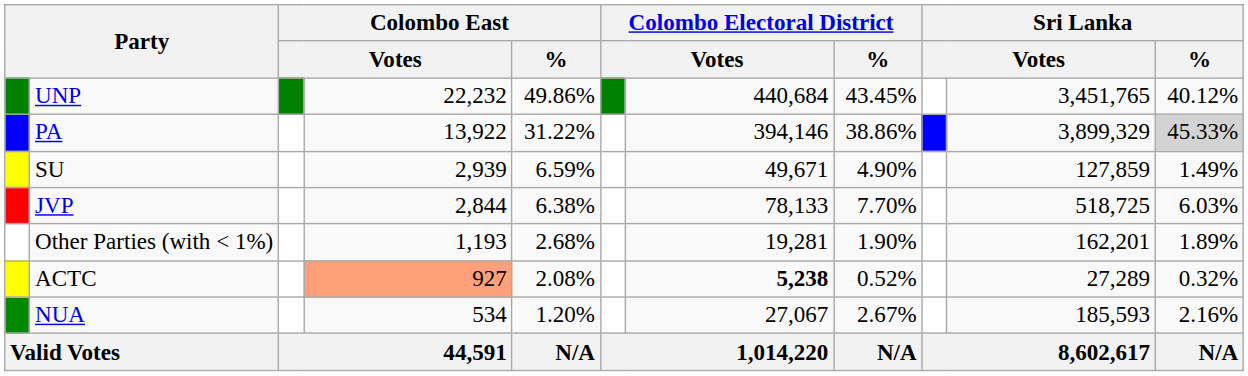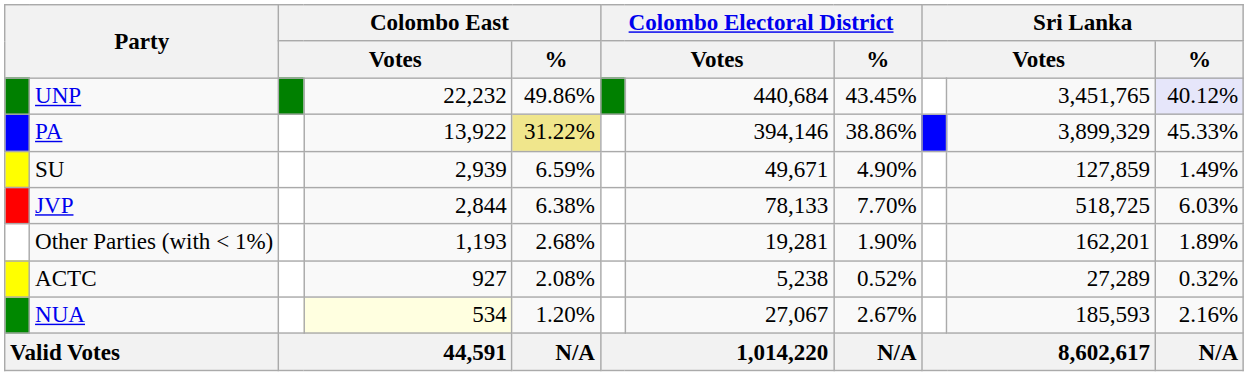 <table class="wikitable">
 <tr>
 <th colspan="2" width="144px"rowspan="2">Party</th>
 <th colspan="3" width="216px">Colombo East</th>
 <th colspan="3" width="216px"><a href='#'>Colombo Electoral District</a></th>
 <th colspan="3" width="216px">Sri Lanka</th>
 </tr>
 <tr>
 <th colspan="2" width="144px">Votes</th>
 <th>%</th>
 <th colspan="2" width="144px">Votes</th>
 <th>%</th>
 <th colspan="2" width="144px">Votes</th>
 <th>%</th>
 </tr>
 <tr>
 <td style="background-color:green;" width="10px"></td>
 <td style="text-align:left;"><a href='#'>UNP</a></td>
 <td style="background-color:green;" width="10px"></td>
 <td style="text-align:right;">22,232</td>
 <td style="text-align:right;">49.86%</td>
 <td style="background-color:green;" width="10px"></td>
 <td style="text-align:right;">440,684</td>
 <td style="text-align:right;">43.45%</td>
 <td style="background-color:white;" width="10px"></td>
 <td style="text-align:right;">3,451,765</td>
-<td style="text-align:right;">40.12%</td>
+<td style="background: lavender; text-align:right;">40.12%</td>
 </tr>
 <tr>
 <td style="background-color:blue;" width="10px"></td>
 <td style="text-align:left;"><a href='#'>PA</a></td>
 <td style="background-color:white;" width="10px"></td>
 <td style="text-align:right;">13,922</td>
-<td style="text-align:right;">31.22%</td>
+<td style="background: khaki; text-align:right;">31.22%</td>
 <td style="background-color:white;" width="10px"></td>
 <td style="text-align:right;">394,146</td>
 <td style="text-align:right;">38.86%</td>
 <td style="background-color:blue;" width="10px"></td>
 <td style="text-align:right;">3,899,329</td>
-<td style="background: lightgrey; text-align:right;">45.33%</td>
+<td style="text-align:right;">45.33%</td>
 </tr>
 <tr>
 <td style="background-color:yellow;" width="10px"></td>
 <td style="text-align:left;">SU</td>
 <td style="background-color:white;" width="10px"></td>
 <td style="text-align:right;">2,939</td>
 <td style="text-align:right;">6.59%</td>
 <td style="background-color:white;" width="10px"></td>
 <td style="text-align:right;">49,671</td>
 <td style="text-align:right;">4.90%</td>
 <td style="background-color:white;" width="10px"></td>
 <td style="text-align:right;">127,859</td>
 <td style="text-align:right;">1.49%</td>
 </tr>
 <tr>
 <td style="background-color:red;" width="10px"></td>
 <td style="text-align:left;"><a href='#'>JVP</a></td>
 <td style="background-color:white;" width="10px"></td>
 <td style="text-align:right;">2,844</td>
 <td style="text-align:right;">6.38%</td>
 <td style="background-color:white;" width="10px"></td>
 <td style="text-align:right;">78,133</td>
 <td style="text-align:right;">7.70%</td>
 <td style="background-color:white;" width="10px"></td>
 <td style="text-align:right;">518,725</td>
 <td style="text-align:right;">6.03%</td>
 </tr>
 <tr>
 <td style="background-color:white;" width="10px"></td>
 <td style="text-align:left;">Other Parties (with < 1%)</td>
 <td style="background-color:white;" width="10px"></td>
 <td style="text-align:right;">1,193</td>
 <td style="text-align:right;">2.68%</td>
 <td style="background-color:white;" width="10px"></td>
 <td style="text-align:right;">19,281</td>
 <td style="text-align:right;">1.90%</td>
 <td style="background-color:white;" width="10px"></td>
 <td style="text-align:right;">162,201</td>
 <td style="text-align:right;">1.89%</td>
 </tr>
 <tr>
 <td style="background-color:yellow;" width="10px"></td>
 <td style="text-align:left;">ACTC</td>
 <td style="background-color:white;" width="10px"></td>
-<td style="background: lightsalmon; text-align:right;">927</td>
+<td style="text-align:right;">927</td>
 <td style="text-align:right;">2.08%</td>
 <td style="background-color:white;" width="10px"></td>
-<td style="text-align:right;"><strong>5,238</strong></td>
+<td style="text-align:right;">5,238</td>
 <td style="text-align:right;">0.52%</td>
 <td style="background-color:white;" width="10px"></td>
 <td style="text-align:right;">27,289</td>
 <td style="text-align:right;">0.32%</td>
 </tr>
 <tr>
 <td style="background-color:#008800;" width="10px"></td>
 <td style="text-align:left;"><a href='#'>NUA</a></td>
 <td style="background-color:white;" width="10px"></td>
-<td style="text-align:right;">534</td>
+<td style="background: lightyellow; text-align:right;">534</td>
 <td style="text-align:right;">1.20%</td>
 <td style="background-color:white;" width="10px"></td>
 <td style="text-align:right;">27,067</td>
 <td style="text-align:right;">2.67%</td>
 <td style="background-color:white;" width="10px"></td>
 <td style="text-align:right;">185,593</td>
 <td style="text-align:right;">2.16%</td>
 </tr>
 <tr>
 <th colspan="2" width="144px"style="text-align:left;">Valid Votes</th>
 <th style="text-align:right;"colspan="2" width="144px">44,591</th>
 <th style="text-align:right;">N/A</th>
 <th style="text-align:right;"colspan="2" width="144px">1,014,220</th>
 <th style="text-align:right;">N/A</th>
 <th style="text-align:right;"colspan="2" width="144px">8,602,617</th>
 <th style="text-align:right;">N/A</th>
 </tr>
 </table>
